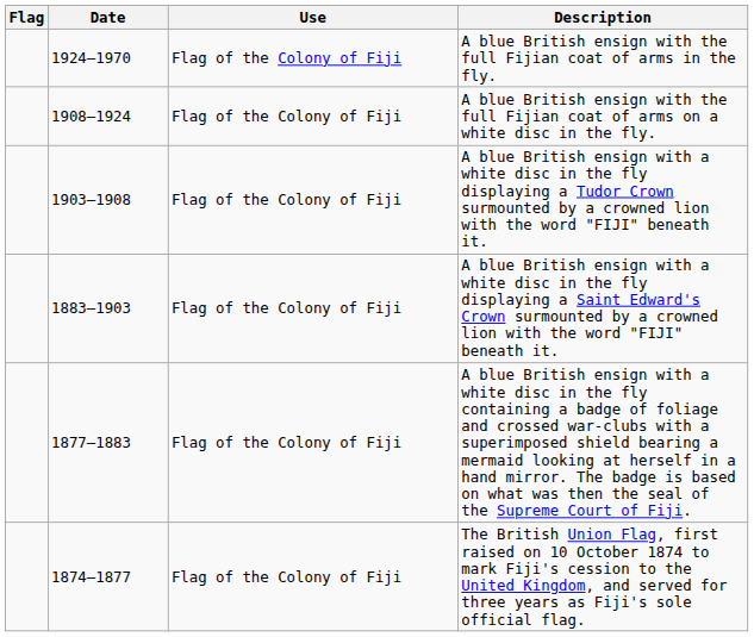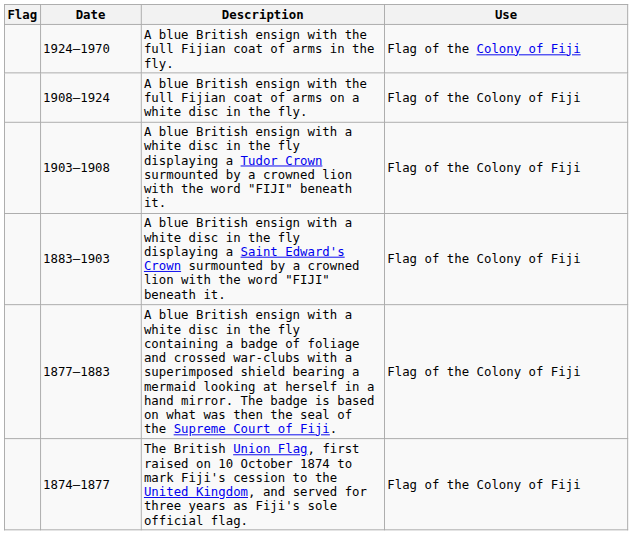 <table class="wikitable">
 <tr>
 <th>Flag</th>
 <th style="width:100px;">Date</th>
+<th style="width:250px;">Description</th>
 <th style="width:250px;">Use</th>
-<th style="width:250px;">Description</th>
 </tr>
 <tr>
 <td></td>
 <td>1924–1970</td>
+<td>A blue British ensign with the full Fijian coat of arms in the fly.</td>
 <td>Flag of the <a href='#'>Colony of Fiji</a></td>
-<td>A blue British ensign with the full Fijian coat of arms in the fly.</td>
 </tr>
 <tr>
 <td></td>
 <td>1908–1924</td>
+<td>A blue British ensign with the full Fijian coat of arms on a white disc in the fly.</td>
 <td>Flag of the Colony of Fiji</td>
-<td>A blue British ensign with the full Fijian coat of arms on a white disc in the fly.</td>
 </tr>
 <tr>
 <td></td>
 <td>1903–1908</td>
+<td>A blue British ensign with a white disc in the fly displaying a <a href='#'>Tudor Crown</a> surmounted by a crowned lion with the word "FIJI" beneath it.</td>
 <td>Flag of the Colony of Fiji</td>
-<td>A blue British ensign with a white disc in the fly displaying a <a href='#'>Tudor Crown</a> surmounted by a crowned lion with the word "FIJI" beneath it.</td>
 </tr>
 <tr>
 <td></td>
 <td>1883–1903</td>
+<td>A blue British ensign with a white disc in the fly displaying a <a href='#'>Saint Edward's Crown</a> surmounted by a crowned lion with the word "FIJI" beneath it.</td>
 <td>Flag of the Colony of Fiji</td>
-<td>A blue British ensign with a white disc in the fly displaying a <a href='#'>Saint Edward's Crown</a> surmounted by a crowned lion with the word "FIJI" beneath it.</td>
 </tr>
 <tr>
 <td></td>
 <td>1877–1883</td>
+<td>A blue British ensign with a white disc in the fly containing a badge of foliage and crossed war-clubs with a superimposed shield bearing a mermaid looking at herself in a hand mirror. The badge is based on what was then the seal of the <a href='#'>Supreme Court of Fiji</a>.</td>
 <td>Flag of the Colony of Fiji</td>
-<td>A blue British ensign with a white disc in the fly containing a badge of foliage and crossed war-clubs with a superimposed shield bearing a mermaid looking at herself in a hand mirror. The badge is based on what was then the seal of the <a href='#'>Supreme Court of Fiji</a>.</td>
 </tr>
 <tr>
 <td></td>
 <td>1874–1877</td>
+<td>The British <a href='#'>Union Flag</a>, first raised on 10 October 1874 to mark Fiji's cession to the <a href='#'>United Kingdom</a>, and served for three years as Fiji's sole official flag.</td>
 <td>Flag of the Colony of Fiji</td>
-<td>The British <a href='#'>Union Flag</a>, first raised on 10 October 1874 to mark Fiji's cession to the <a href='#'>United Kingdom</a>, and served for three years as Fiji's sole official flag.</td>
 </tr>
 </table>
